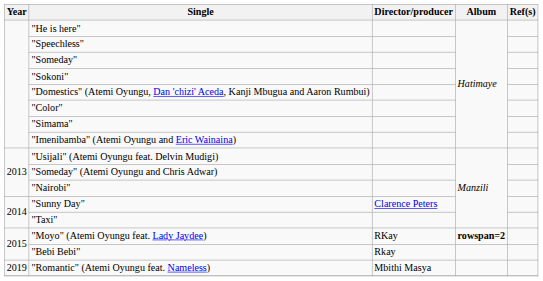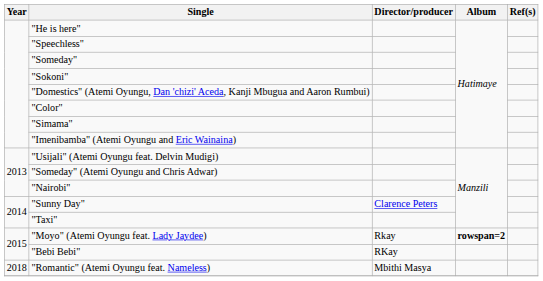 <table class="wikitable sortable">
 <tr>
 <th>Year</th>
 <th>Single</th>
 <th>Director/producer</th>
 <th>Album</th>
 <th>Ref(s)</th>
 </tr>
 <tr>
 <td rowspan=8></td>
 <td>"He is here"</td>
 <td></td>
 <td rowspan=8><em>Hatimaye</em></td>
 <td></td>
 </tr>
 <tr>
 <td>"Speechless"</td>
 <td></td>
 <td></td>
 </tr>
 <tr>
 <td>"Someday"</td>
 <td></td>
 <td></td>
 </tr>
 <tr>
 <td>"Sokoni"</td>
 <td></td>
 <td></td>
 </tr>
 <tr>
 <td>"Domestics" (Atemi Oyungu, <a href='#'>Dan 'chizi' Aceda</a>, Kanji Mbugua and Aaron Rumbui)</td>
 <td></td>
 <td></td>
 </tr>
 <tr>
 <td>"Color"</td>
 <td></td>
 <td></td>
 </tr>
 <tr>
 <td>"Simama"</td>
 <td></td>
 <td></td>
 </tr>
 <tr>
 <td>"Imenibamba" (Atemi Oyungu and <a href='#'>Eric Wainaina</a>)</td>
 <td></td>
 <td></td>
 </tr>
 <tr>
 <td rowspan=3>2013</td>
 <td>"Usijali" (Atemi Oyungu feat. Delvin Mudigi)</td>
 <td></td>
 <td rowspan=5><em>Manzili</em></td>
 <td></td>
 </tr>
 <tr>
 <td>"Someday" (Atemi Oyungu and Chris Adwar)</td>
 <td></td>
 <td></td>
 </tr>
 <tr>
 <td>"Nairobi"</td>
 <td></td>
 <td></td>
 </tr>
 <tr>
 <td rowspan=2>2014</td>
 <td>"Sunny Day"</td>
 <td><a href='#'>Clarence Peters</a></td>
 <td></td>
 </tr>
 <tr>
 <td>"Taxi"</td>
 <td></td>
 <td></td>
 </tr>
 <tr>
 <td rowspan=2>2015</td>
 <td>"Moyo" (Atemi Oyungu feat. <a href='#'>Lady Jaydee</a>)</td>
-<td>RKay</td>
+<td>Rkay</td>
 <td><strong>rowspan=2 </strong></td>
 <td></td>
 </tr>
 <tr>
 <td>"Bebi Bebi"</td>
-<td>Rkay</td>
+<td>RKay</td>
 <td></td>
 </tr>
 <tr>
-<td>2019</td>
+<td>2018</td>
 <td>"Romantic" (Atemi Oyungu feat. <a href='#'>Nameless</a>)</td>
 <td>Mbithi Masya</td>
 <td></td>
 <td></td>
 </tr>
 <tr>
 </tr>
 </table>
